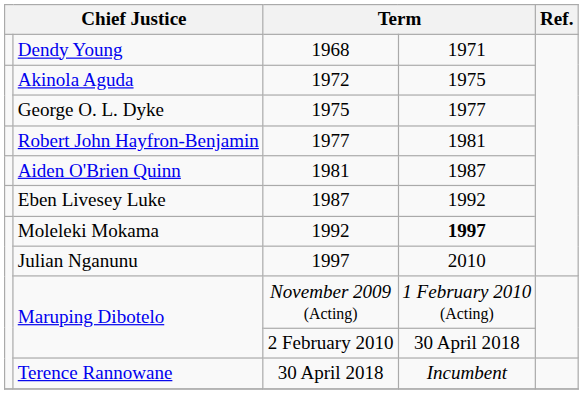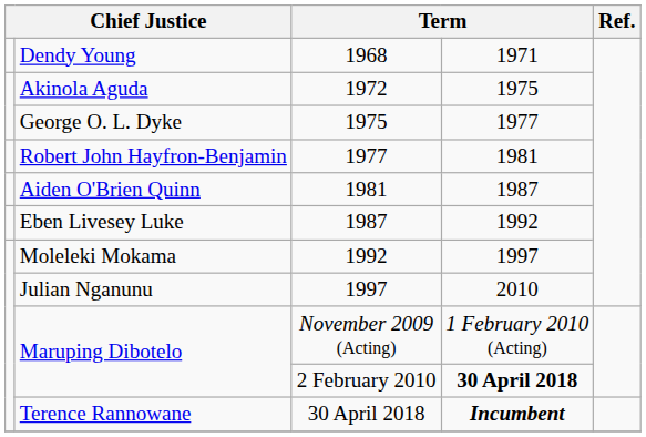 <table class="wikitable">
 <tr>
 <th colspan="2">Chief Justice</th>
 <th colspan="2">Term</th>
 <th>Ref.</th>
 </tr>
 <tr>
 <td></td>
 <td><a href='#'>Dendy Young</a></td>
 <td style="text-align:center;">1968</td>
 <td style="text-align:center;">1971</td>
 <td style="text-align:center;"  rowspan=8></td>
 </tr>
 <tr>
 <td rowspan=2></td>
 <td><a href='#'>Akinola Aguda</a></td>
 <td style="text-align:center;">1972</td>
 <td style="text-align:center;">1975</td>
 </tr>
 <tr>
 <td>George O. L. Dyke</td>
 <td style="text-align:center;">1975</td>
 <td style="text-align:center;">1977</td>
 </tr>
 <tr>
 <td></td>
 <td><a href='#'>Robert John Hayfron-Benjamin</a></td>
 <td style="text-align:center;">1977</td>
 <td style="text-align:center;">1981</td>
 </tr>
 <tr>
 <td></td>
 <td><a href='#'>Aiden O'Brien Quinn</a></td>
 <td style="text-align:center;">1981</td>
 <td style="text-align:center;">1987</td>
 </tr>
 <tr>
 <td></td>
 <td>Eben Livesey Luke</td>
 <td style="text-align:center;">1987</td>
 <td style="text-align:center;">1992</td>
 </tr>
 <tr>
 <td rowspan=5></td>
 <td>Moleleki Mokama</td>
 <td style="text-align:center;">1992</td>
-<td style="text-align:center;"><strong>1997</strong></td>
+<td style="text-align:center;">1997</td>
 </tr>
 <tr>
 <td>Julian Nganunu</td>
 <td style="text-align:center;">1997</td>
 <td style="text-align:center;">2010</td>
 </tr>
 <tr>
 <td rowspan=2><a href='#'>Maruping Dibotelo</a></td>
 <td style="text-align:center;"><em>November 2009</em><br><small>(Acting)</small></td>
 <td style="text-align:center;"><em>1 February 2010</em><br><small>(Acting)</small></td>
 <td style="text-align:center;"  rowspan=2></td>
 </tr>
 <tr>
 <td style="text-align:center;">2 February 2010</td>
-<td style="text-align:center;">30 April 2018</td>
+<td style="text-align:center;"><strong>30 April 2018</strong></td>
 </tr>
 <tr>
 <td><a href='#'>Terence Rannowane</a></td>
 <td style="text-align:center;">30 April 2018</td>
-<td style="text-align:center;"><em>Incumbent</em></td>
+<td style="text-align:center;"><strong><em>Incumbent</em></strong></td>
 <td style="text-align:center;"></td>
 </tr>
 <tr>
 </tr>
 </table>
